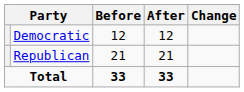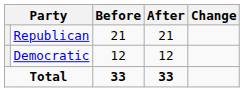 <table class="wikitable" style="text-align:center;">
 <tr>
 <th colspan="2">Party</th>
 <th>Before</th>
 <th>After</th>
 <th>Change</th>
 </tr>
 <tr>
 <th style="background-color:"></th>
-<td style="text-align:left;"><a href='#'>Democratic</a></td>
-<td>12</td>
-<td>12</td>
+<td style="text-align:left;"><a href='#'>Republican</a></td>
+<td>21</td>
+<td>21</td>
 <td></td>
 </tr>
 <tr>
 <th style="background-color:"></th>
-<td style="text-align:left;"><a href='#'>Republican</a></td>
-<td>21</td>
-<td>21</td>
+<td style="text-align:left;"><a href='#'>Democratic</a></td>
+<td>12</td>
+<td>12</td>
 <td></td>
 </tr>
 <tr>
 <td colspan="2"><strong>Total</strong></td>
 <td><strong>33</strong></td>
 <td><strong>33</strong></td>
 <td></td>
 </tr>
 </table>
